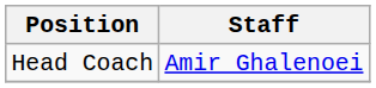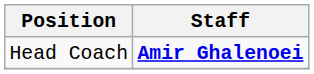 <table class="wikitable">
 <tr>
 <th>Position</th>
 <th>Staff</th>
 </tr>
 <tr>
 <td>Head Coach</td>
-<td> <a href='#'>Amir Ghalenoei</a></td>
+<td><strong> <a href='#'>Amir Ghalenoei</a></strong></td>
 </tr>
 <tr>
 </tr>
 </table>
